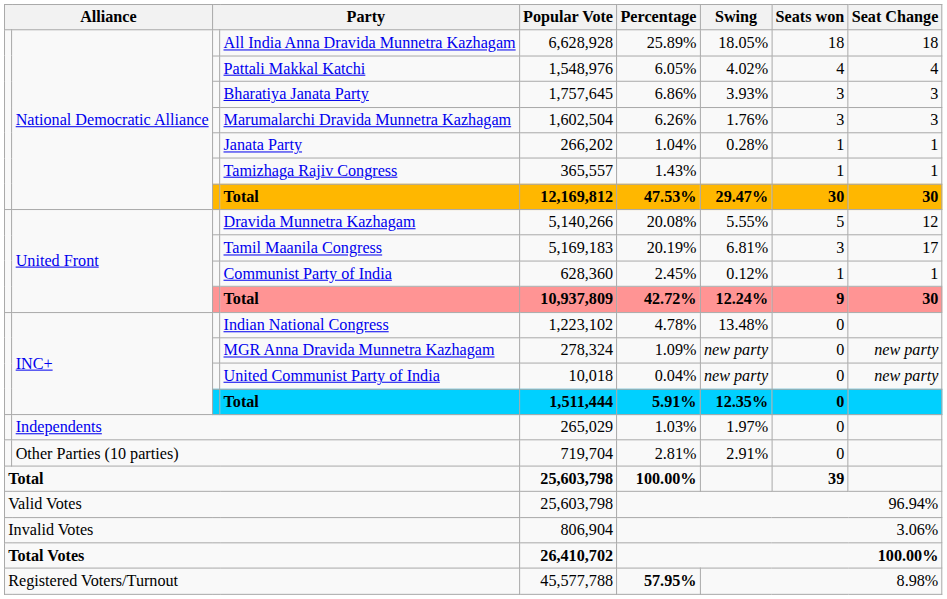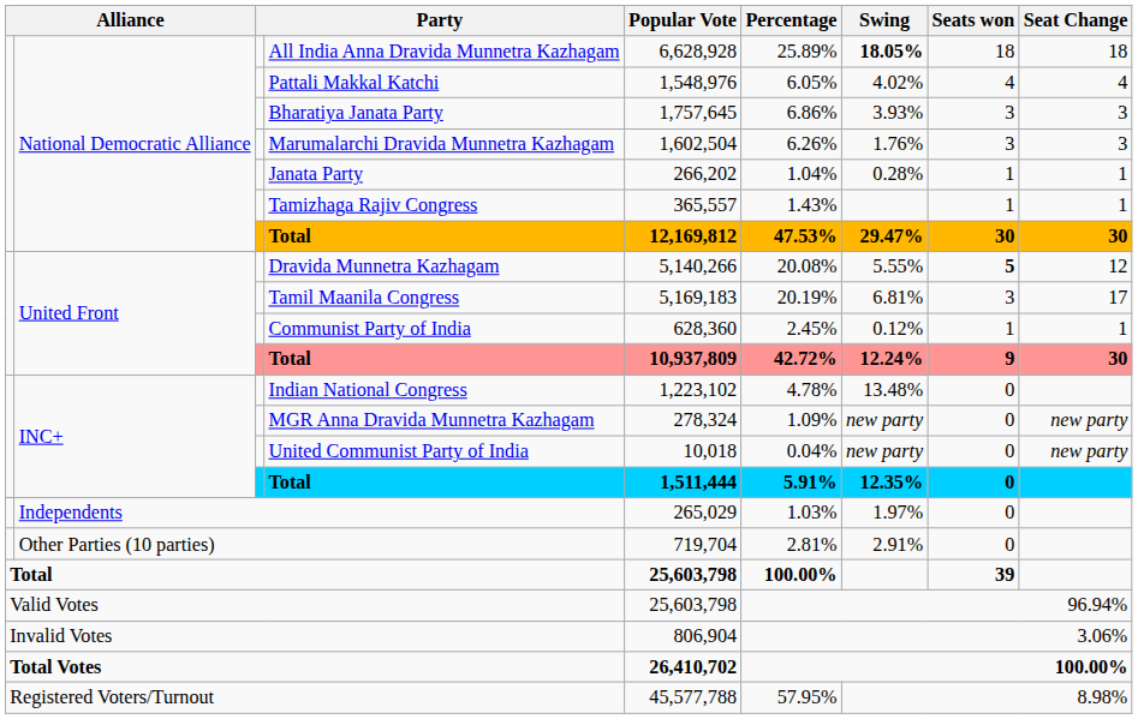 <table class='wikitable'>
 <tr>
 <th colspan="2" align=centre>Alliance</th>
 <th colspan="2" align=centre>Party</th>
 <th align=centre>Popular Vote</th>
 <th align=centre>Percentage</th>
 <th align=centre>Swing</th>
 <th align=centre>Seats won</th>
 <th align=centre>Seat Change</th>
 </tr>
 <tr>
 <td rowspan="7"></td>
 <td rowspan="7"><a href='#'>National Democratic Alliance</a></td>
 <td></td>
 <td><a href='#'>All India Anna Dravida Munnetra Kazhagam</a></td>
 <td align=right>6,628,928</td>
 <td align=right>25.89%</td>
-<td align=right>18.05%</td>
+<td align=right><strong>18.05%</strong></td>
 <td align=right>18</td>
 <td align=right>18</td>
 </tr>
 <tr>
 <td></td>
 <td><a href='#'>Pattali Makkal Katchi</a></td>
 <td align=right>1,548,976</td>
 <td align=right>6.05%</td>
 <td align=right>4.02%</td>
 <td align=right>4</td>
 <td align=right>4</td>
 </tr>
 <tr>
 <td></td>
 <td><a href='#'>Bharatiya Janata Party</a></td>
 <td align=right>1,757,645</td>
 <td align=right>6.86%</td>
 <td align=right>3.93%</td>
 <td align=right>3</td>
 <td align=right>3</td>
 </tr>
 <tr>
 <td></td>
 <td><a href='#'>Marumalarchi Dravida Munnetra Kazhagam</a></td>
 <td align=right>1,602,504</td>
 <td align=right>6.26%</td>
 <td align=right>1.76%</td>
 <td align=right>3</td>
 <td align=right>3</td>
 </tr>
 <tr>
 <td></td>
 <td><a href='#'>Janata Party</a></td>
 <td align=right>266,202</td>
 <td align=right>1.04%</td>
 <td align=right>0.28%</td>
 <td align=right>1</td>
 <td align=right>1</td>
 </tr>
 <tr>
 <td></td>
 <td><a href='#'>Tamizhaga Rajiv Congress</a></td>
 <td align=right>365,557</td>
 <td align=right>1.43%</td>
 <td align=right></td>
 <td align=right>1</td>
 <td align=right> 1</td>
 </tr>
 <tr>
 <td style="background:#FFB700"></td>
 <td style="background:#FFB700" align=left><strong>Total</strong></td>
 <td style="background:#FFB700" align=right><strong>12,169,812</strong></td>
 <td style="background:#FFB700" align=right><strong>47.53%</strong></td>
 <td style="background:#FFB700" align=right><strong>29.47%</strong></td>
 <td style="background:#FFB700" align=right><strong>30</strong></td>
 <td style="background:#FFB700" align=right><strong>30</strong></td>
 </tr>
 <tr>
 <td rowspan="4"></td>
 <td rowspan="4"><a href='#'>United Front</a></td>
 <td></td>
 <td><a href='#'>Dravida Munnetra Kazhagam</a></td>
 <td align=right>5,140,266</td>
 <td align=right>20.08%</td>
 <td align=right>5.55%</td>
-<td align=right>5</td>
+<td align=right><strong>5</strong></td>
 <td align=right>12</td>
 </tr>
 <tr>
 <td></td>
 <td><a href='#'>Tamil Maanila Congress</a></td>
 <td align=right>5,169,183</td>
 <td align=right>20.19%</td>
 <td align=right>6.81%</td>
 <td align=right>3</td>
 <td align=right>17</td>
 </tr>
 <tr>
 <td></td>
 <td><a href='#'>Communist Party of India</a></td>
 <td align=right>628,360</td>
 <td align=right>2.45%</td>
 <td align=right>0.12%</td>
 <td align=right>1</td>
 <td align=right>1</td>
 </tr>
 <tr>
 <td style="background:#FF9494"></td>
 <td style="background:#FF9494" align=left><strong>Total</strong></td>
 <td style="background:#FF9494" align=right><strong>10,937,809</strong></td>
 <td style="background:#FF9494" align=right><strong>42.72%</strong></td>
 <td style="background:#FF9494" align=right><strong>12.24%</strong></td>
 <td style="background:#FF9494" align=right><strong>9</strong></td>
 <td style="background:#FF9494" align=right><strong>30</strong></td>
 </tr>
 <tr>
 <td rowspan="4"></td>
 <td rowspan="4"><a href='#'>INC+</a></td>
 <td></td>
 <td><a href='#'>Indian National Congress</a></td>
 <td align=right>1,223,102</td>
 <td align=right>4.78%</td>
 <td align=right>13.48%</td>
 <td align=right>0</td>
 <td align=right></td>
 </tr>
 <tr>
 <td></td>
 <td><a href='#'>MGR Anna Dravida Munnetra Kazhagam</a></td>
 <td align=right>278,324</td>
 <td align=right>1.09%</td>
 <td align=right><em>new party</em></td>
 <td align=right>0</td>
 <td align=right><em>new party</em></td>
 </tr>
 <tr>
 <td></td>
 <td><a href='#'>United Communist Party of India</a></td>
 <td align=right>10,018</td>
 <td align=right>0.04%</td>
 <td align=right><em>new party</em></td>
 <td align=right>0</td>
 <td align=right><em>new party</em></td>
 </tr>
 <tr>
 <td style="background:#00D0FF"></td>
 <td style="background:#00D0FF" align=left><strong>Total</strong></td>
 <td style="background:#00D0FF" align=right><strong>1,511,444</strong></td>
 <td style="background:#00D0FF" align=right><strong>5.91%</strong></td>
 <td style="background:#00D0FF" align=right><strong>12.35%</strong></td>
 <td style="background:#00D0FF" align=right><strong>0</strong></td>
 <td style="background:#00D0FF" align=right></td>
 </tr>
 <tr>
 <td></td>
 <td colspan="3" align=left><a href='#'>Independents</a></td>
 <td align=right>265,029</td>
 <td align=right>1.03%</td>
 <td align=right>1.97%</td>
 <td align=right>0</td>
 <td align=right></td>
 </tr>
 <tr>
 <td></td>
 <td colspan="3" align=left>Other Parties (10 parties)</td>
 <td align=right>719,704</td>
 <td align=right>2.81%</td>
 <td align=right>2.91%</td>
 <td align=right>0</td>
 <td align=right></td>
 </tr>
 <tr>
 <td colspan="4" align=left><strong>Total</strong></td>
 <td align=right><strong>25,603,798</strong></td>
 <td align=right><strong>100.00%</strong></td>
 <td align=right></td>
 <td align=right><strong>39</strong></td>
 <td align=right></td>
 </tr>
 <tr>
 <td colspan="4" align=left>Valid Votes</td>
 <td align=right>25,603,798</td>
 <td colspan="4" align=right>96.94%</td>
 </tr>
 <tr>
 <td colspan="4" align=left>Invalid Votes</td>
 <td align=right>806,904</td>
 <td colspan="4" align=right>3.06%</td>
 </tr>
 <tr>
 <td colspan="4" align=left><strong>Total Votes</strong></td>
 <td align=right><strong>26,410,702</strong></td>
 <td colspan="4" align=right><strong>100.00%</strong></td>
 </tr>
 <tr>
 <td colspan="4" align=left>Registered Voters/Turnout</td>
 <td align=right>45,577,788</td>
-<td align=right><strong>57.95%</strong></td>
+<td align=right>57.95%</td>
 <td colspan="3" align=right>8.98%</td>
 </tr>
 </table>
